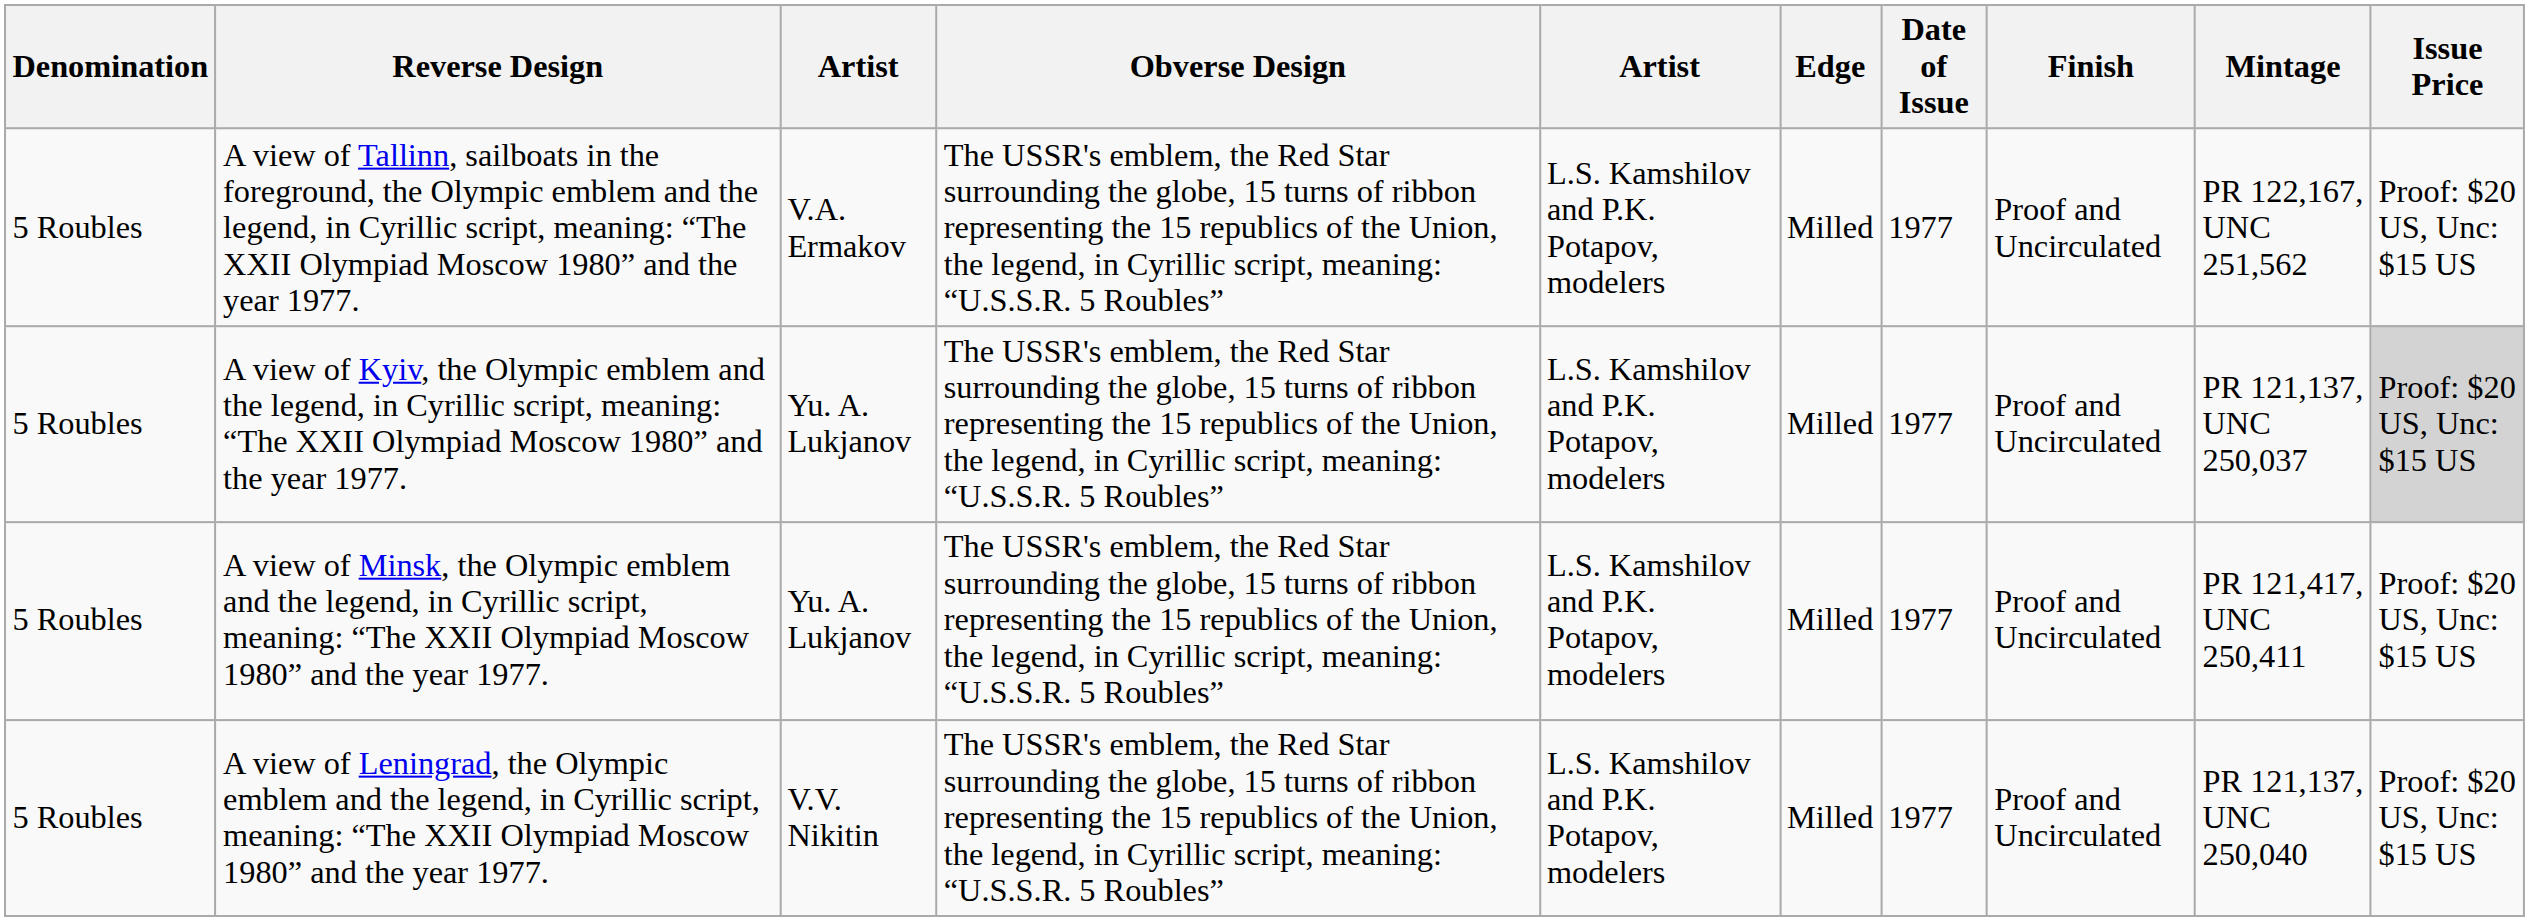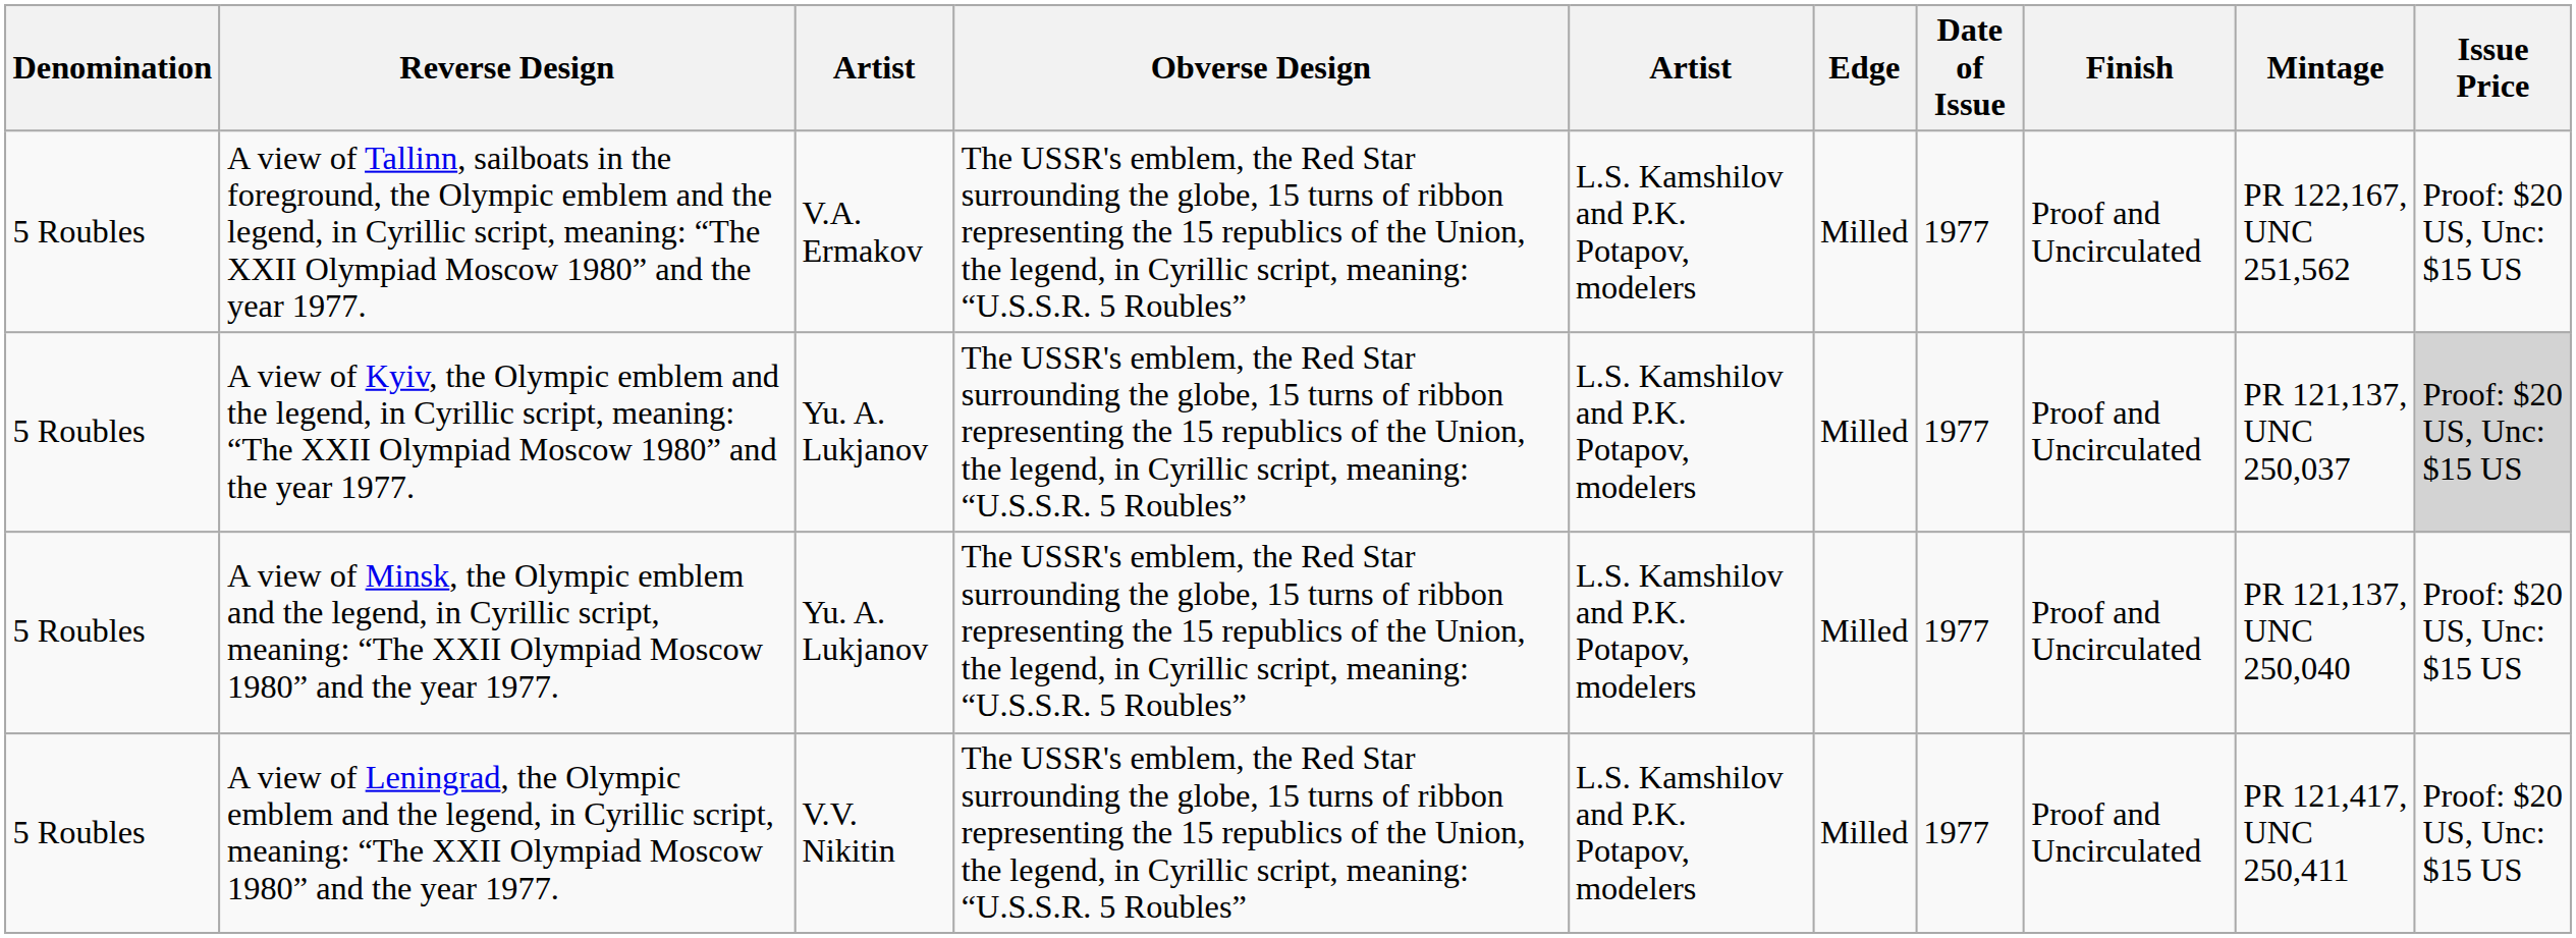 <table class="wikitable">
 <tr>
 <th>Denomination</th>
 <th>Reverse Design</th>
 <th>Artist</th>
 <th>Obverse Design</th>
 <th>Artist</th>
 <th>Edge</th>
 <th>Date of Issue</th>
 <th>Finish</th>
 <th>Mintage</th>
 <th>Issue Price</th>
 </tr>
 <tr>
 <td>5 Roubles</td>
 <td>A view of <a href='#'>Tallinn</a>, sailboats in the foreground, the Olympic emblem and the legend, in Cyrillic script, meaning: “The XXII Olympiad Moscow 1980” and the year 1977.</td>
 <td>V.A. Ermakov</td>
 <td>The USSR's emblem, the Red Star surrounding the globe, 15 turns of ribbon representing the 15 republics of the Union, the legend, in Cyrillic script, meaning: “U.S.S.R. 5 Roubles”</td>
 <td>L.S. Kamshilov and P.K. Potapov, modelers</td>
 <td>Milled</td>
 <td>1977</td>
 <td>Proof and Uncirculated</td>
 <td>PR 122,167, UNC 251,562</td>
 <td>Proof: $20 US, Unc: $15 US</td>
 </tr>
 <tr>
 <td>5 Roubles</td>
 <td>A view of <a href='#'>Kyiv</a>, the Olympic emblem and the legend, in Cyrillic script, meaning: “The XXII Olympiad Moscow 1980” and the year 1977.</td>
 <td>Yu. A. Lukjanov</td>
 <td>The USSR's emblem, the Red Star surrounding the globe, 15 turns of ribbon representing the 15 republics of the Union, the legend, in Cyrillic script, meaning: “U.S.S.R. 5 Roubles”</td>
 <td>L.S. Kamshilov and P.K. Potapov, modelers</td>
 <td>Milled</td>
 <td>1977</td>
 <td>Proof and Uncirculated</td>
 <td>PR 121,137, UNC 250,037</td>
 <td style="background: lightgrey;">Proof: $20 US, Unc: $15 US</td>
 </tr>
 <tr>
 <td>5 Roubles</td>
 <td>A view of <a href='#'>Minsk</a>, the Olympic emblem and the legend, in Cyrillic script, meaning: “The XXII Olympiad Moscow 1980” and the year 1977.</td>
 <td>Yu. A. Lukjanov</td>
 <td>The USSR's emblem, the Red Star surrounding the globe, 15 turns of ribbon representing the 15 republics of the Union, the legend, in Cyrillic script, meaning: “U.S.S.R. 5 Roubles”</td>
 <td>L.S. Kamshilov and P.K. Potapov, modelers</td>
 <td>Milled</td>
 <td>1977</td>
 <td>Proof and Uncirculated</td>
-<td>PR 121,417, UNC 250,411</td>
+<td>PR 121,137, UNC 250,040</td>
 <td>Proof: $20 US, Unc: $15 US</td>
 </tr>
 <tr>
 <td>5 Roubles</td>
 <td>A view of <a href='#'>Leningrad</a>, the Olympic emblem and the legend, in Cyrillic script, meaning: “The XXII Olympiad Moscow 1980” and the year 1977.</td>
 <td>V.V. Nikitin</td>
 <td>The USSR's emblem, the Red Star surrounding the globe, 15 turns of ribbon representing the 15 republics of the Union, the legend, in Cyrillic script, meaning: “U.S.S.R. 5 Roubles”</td>
 <td>L.S. Kamshilov and P.K. Potapov, modelers</td>
 <td>Milled</td>
 <td>1977</td>
 <td>Proof and Uncirculated</td>
-<td>PR 121,137, UNC 250,040</td>
+<td>PR 121,417, UNC 250,411</td>
 <td>Proof: $20 US, Unc: $15 US</td>
 </tr>
 <tr>
 </tr>
 </table>
